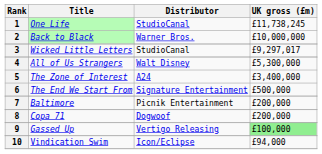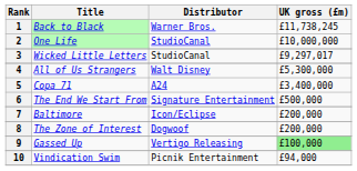 <table class="wikitable" style="margin:auto; margin:auto;">
 <tr>
 <th>Rank</th>
 <th>Title</th>
 <th>Distributor</th>
 <th>UK gross (£m)</th>
 </tr>
 <tr>
 <th>1</th>
-<td style="background:#B6FCB6;"><em><a href='#'>One Life</a></em></td>
-<td><a href='#'>StudioCanal</a></td>
+<td style="background:#B6FCB6;"><em><a href='#'>Back to Black</a></em></td>
+<td><a href='#'>Warner Bros.</a></td>
 <td>£11,738,245</td>
 </tr>
 <tr>
 <th>2</th>
-<td style="background:#B6FCB6;"><em><a href='#'>Back to Black</a></em></td>
-<td><a href='#'>Warner Bros.</a></td>
+<td style="background:#B6FCB6;"><em><a href='#'>One Life</a></em></td>
+<td><a href='#'>StudioCanal</a></td>
 <td>£10,000,000</td>
 </tr>
 <tr>
 </tr>
 <tr style="text-align:left;" background:#9fc;|>
 <th>3</th>
 <td><em><a href='#'>Wicked Little Letters</a></em></td>
 <td>StudioCanal</td>
 <td>£9,297,017</td>
 </tr>
 <tr>
 </tr>
 <tr style="text-align:left;|">
 <th style="text-align:center;">4</th>
 <td><em><a href='#'>All of Us Strangers</a></em></td>
 <td><a href='#'>Walt Disney</a></td>
 <td>£5,300,000</td>
 </tr>
 <tr>
 <th>5</th>
-<td><em><a href='#'>The Zone of Interest</a></em></td>
+<td><em><a href='#'>Copa 71</a></em></td>
 <td><a href='#'>A24</a></td>
 <td>£3,400,000</td>
 </tr>
 <tr>
 <th style="text-align:center;">6</th>
 <td><em><a href='#'>The End We Start From</a></em></td>
 <td><a href='#'>Signature Entertainment</a></td>
 <td>£500,000</td>
 </tr>
 <tr>
 </tr>
 <tr style="text-align:left; |">
 <th style="text-align:center;">7</th>
 <td><em><a href='#'>Baltimore</a></em></td>
-<td>Picnik Entertainment</td>
+<td><a href='#'>Icon/Eclipse</a></td>
 <td>£200,000</td>
 </tr>
 <tr>
 </tr>
 <tr style="text-align:left;|">
 <th style="text-align:center;">8</th>
-<td><em><a href='#'>Copa 71</a></em></td>
+<td><em><a href='#'>The Zone of Interest</a></em></td>
 <td><a href='#'>Dogwoof</a></td>
 <td>£200,000</td>
 </tr>
 <tr>
 </tr>
 <tr style="text-align:left; |">
 <th style="text-align:center;">9</th>
 <td><em><a href='#'>Gassed Up</a></em></td>
 <td><a href='#'>Vertigo Releasing</a></td>
 <td style="background: lightgreen;">£100,000</td>
 </tr>
 <tr>
 </tr>
 <tr style="text-align:left;|">
 <th style="text-align:center;">10</th>
 <td><a href='#'>Vindication Swim</a></td>
-<td><a href='#'>Icon/Eclipse</a></td>
+<td>Picnik Entertainment</td>
 <td>£94,000</td>
 </tr>
 <tr>
 </tr>
 </table>
